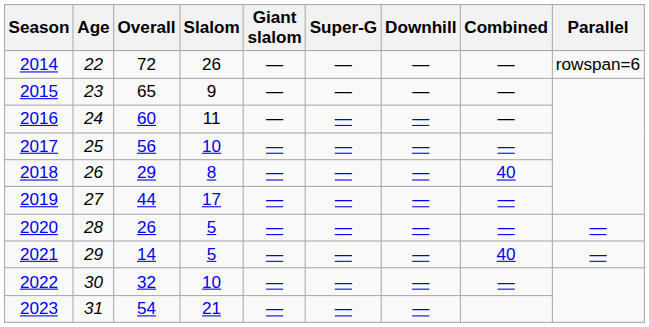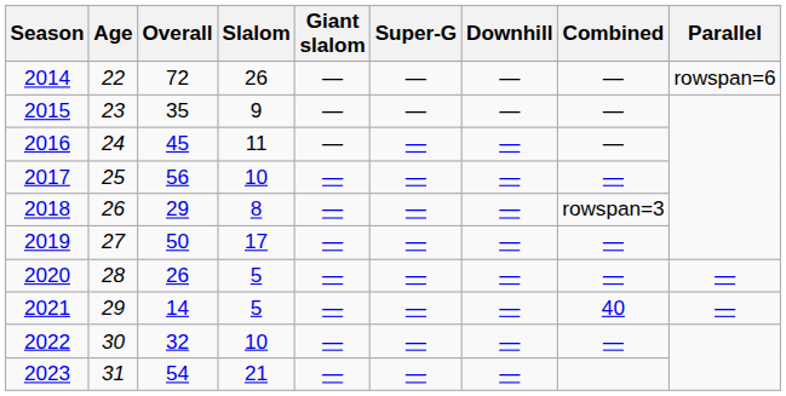 <table class=wikitable style="text-align:center">
 <tr>
 <th>Season</th>
 <th>Age</th>
 <th>Overall</th>
 <th>Slalom</th>
 <th>Giant<br>slalom</th>
 <th>Super-G</th>
 <th>Downhill</th>
 <th>Combined</th>
 <th>Parallel</th>
 </tr>
 <tr>
 <td><a href='#'>2014</a></td>
 <td><em>22</em></td>
 <td>72</td>
 <td>26</td>
 <td>—</td>
 <td>—</td>
 <td>—</td>
 <td>—</td>
 <td>rowspan=6 </td>
 </tr>
 <tr>
 <td><a href='#'>2015</a></td>
 <td><em>23</em></td>
-<td>65</td>
+<td>35</td>
 <td>9</td>
 <td>—</td>
 <td>—</td>
 <td>—</td>
 <td>—</td>
 </tr>
 <tr>
 <td><a href='#'>2016</a></td>
 <td><em>24</em></td>
-<td><a href='#'>60</a></td>
+<td><a href='#'>45</a></td>
 <td>11</td>
 <td>—</td>
 <td><a href='#'>—</a></td>
 <td><a href='#'>—</a></td>
 <td> —</td>
 </tr>
 <tr>
 <td><a href='#'>2017</a></td>
 <td><em>25</em></td>
 <td><a href='#'>56</a></td>
 <td><a href='#'>10</a></td>
 <td><a href='#'>—</a></td>
 <td><a href='#'>—</a></td>
 <td><a href='#'>—</a></td>
 <td><a href='#'>—</a></td>
 </tr>
 <tr>
 <td><a href='#'>2018</a></td>
 <td><em>26</em></td>
 <td><a href='#'>29</a></td>
 <td><a href='#'>8</a></td>
 <td><a href='#'>—</a></td>
 <td><a href='#'>—</a></td>
 <td><a href='#'>—</a></td>
-<td><a href='#'>40</a></td>
+<td>rowspan=3 </td>
 </tr>
 <tr>
 <td><a href='#'>2019</a></td>
 <td><em>27</em></td>
-<td><a href='#'>44</a></td>
+<td><a href='#'>50</a></td>
 <td><a href='#'>17</a></td>
 <td><a href='#'>—</a></td>
 <td><a href='#'>—</a></td>
 <td><a href='#'>—</a></td>
 <td><a href='#'>—</a></td>
 </tr>
 <tr>
 <td><a href='#'>2020</a></td>
 <td><em>28</em></td>
 <td><a href='#'>26</a></td>
 <td><a href='#'>5</a></td>
 <td><a href='#'>—</a></td>
 <td><a href='#'>—</a></td>
 <td><a href='#'>—</a></td>
 <td><a href='#'>—</a></td>
 <td><a href='#'>—</a></td>
 </tr>
 <tr>
 <td><a href='#'>2021</a></td>
 <td><em>29</em></td>
 <td><a href='#'>14</a></td>
 <td><a href='#'>5</a></td>
 <td><a href='#'>—</a></td>
 <td><a href='#'>—</a></td>
 <td><a href='#'>—</a></td>
 <td><a href='#'>40</a></td>
 <td><a href='#'>—</a></td>
 </tr>
 <tr>
 <td><a href='#'>2022</a></td>
 <td><em>30</em></td>
 <td><a href='#'>32</a></td>
 <td><a href='#'>10</a></td>
 <td><a href='#'>—</a></td>
 <td><a href='#'>—</a></td>
 <td><a href='#'>—</a></td>
 <td><a href='#'>—</a></td>
 </tr>
 <tr>
 <td><a href='#'>2023</a></td>
 <td><em>31</em></td>
 <td><a href='#'>54</a></td>
 <td><a href='#'>21</a></td>
 <td><a href='#'>—</a></td>
 <td><a href='#'>—</a></td>
 <td><a href='#'>—</a></td>
 <td></td>
 </tr>
 </table>
